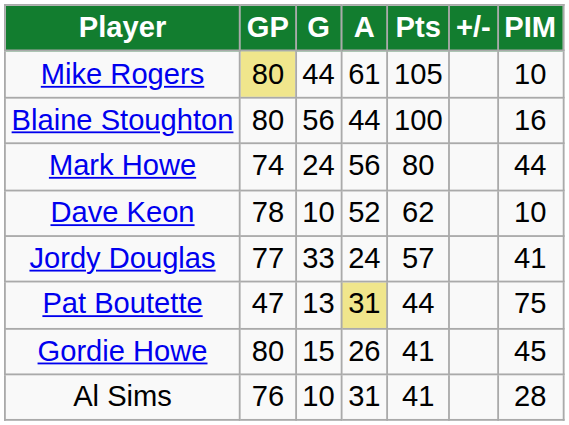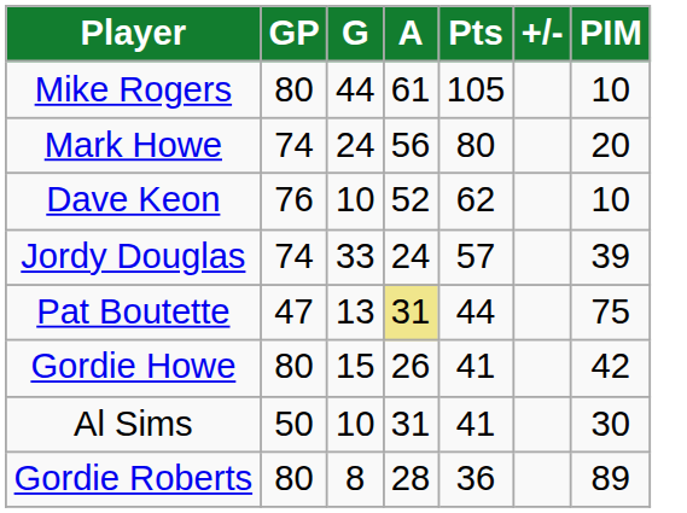 <table class="wikitable sortable">
 <tr align=center>
 <th style="color:white; background:#127d2f; ">Player</th>
 <th style="color:white; background:#127d2f; ">GP</th>
 <th style="color:white; background:#127d2f; ">G</th>
 <th style="color:white; background:#127d2f; ">A</th>
 <th style="color:white; background:#127d2f; ">Pts</th>
 <th style="color:white; background:#127d2f; ">+/-</th>
 <th style="color:white; background:#127d2f; ">PIM</th>
 </tr>
 <tr align=center>
 <td><a href='#'>Mike Rogers</a></td>
-<td style="background: khaki;">80</td>
+<td>80</td>
 <td>44</td>
 <td>61</td>
 <td>105</td>
 <td></td>
 <td>10</td>
-</tr>
-<tr align=center>
-<td><a href='#'>Blaine Stoughton</a></td>
-<td>80</td>
-<td>56</td>
-<td>44</td>
-<td>100</td>
-<td></td>
-<td>16</td>
 </tr>
 <tr align=center>
 <td><a href='#'>Mark Howe</a></td>
 <td>74</td>
 <td>24</td>
 <td>56</td>
 <td>80</td>
 <td></td>
-<td>44</td>
+<td>20</td>
 </tr>
 <tr align=center>
 <td><a href='#'>Dave Keon</a></td>
-<td>78</td>
+<td>76</td>
 <td>10</td>
 <td>52</td>
 <td>62</td>
 <td></td>
 <td>10</td>
 </tr>
 <tr align=center>
 <td><a href='#'>Jordy Douglas</a></td>
-<td>77</td>
+<td>74</td>
 <td>33</td>
 <td>24</td>
 <td>57</td>
 <td></td>
-<td>41</td>
+<td>39</td>
 </tr>
 <tr align=center>
 <td><a href='#'>Pat Boutette</a></td>
 <td>47</td>
 <td>13</td>
 <td style="background: khaki;">31</td>
 <td>44</td>
 <td></td>
 <td>75</td>
 </tr>
 <tr align=center>
 <td><a href='#'>Gordie Howe</a></td>
 <td>80</td>
 <td>15</td>
 <td>26</td>
 <td>41</td>
 <td></td>
-<td>45</td>
+<td>42</td>
 </tr>
 <tr align=center>
 <td>Al Sims</td>
-<td>76</td>
+<td>50</td>
 <td>10</td>
 <td>31</td>
 <td>41</td>
 <td></td>
+<td>30</td>
+</tr>
+<tr align=center>
+<td><a href='#'>Gordie Roberts</a></td>
+<td>80</td>
+<td>8</td>
 <td>28</td>
+<td>36</td>
+<td></td>
+<td>89</td>
 </tr>
 </table>
